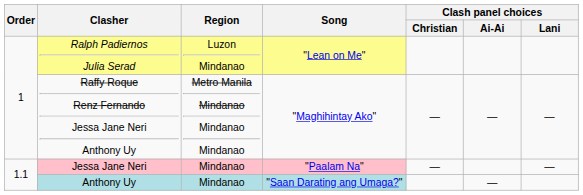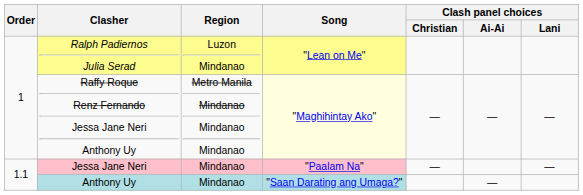 <table class="wikitable" style="text-align:center; line-height:17px; width:100%;">
 <tr>
 <th rowspan="2" width="5%">Order</th>
 <th rowspan="2" width="25%">Clasher</th>
 <th rowspan="2">Region</th>
 <th rowspan="2" width="25%">Song</th>
 <th colspan="3" width="30%">Clash panel choices</th>
 </tr>
 <tr>
 <th width="10%">Christian</th>
 <th width="10%">Ai-Ai</th>
 <th width="10%">Lani</th>
 </tr>
 <tr>
 <td rowspan="2">1</td>
 <td style="background:#fdfc8f;"><em>Ralph Padiernos</em><hr><em>Julia Serad</em></td>
 <td style="background:#fdfc8f;">Luzon<hr>Mindanao</td>
 <td style="background:#fdfc8f;">"<a href='#'>Lean on Me</a>"</td>
 <td><strong></strong></td>
 <td><strong></strong></td>
 <td><strong></strong></td>
 </tr>
 <tr>
 <td><s>Raffy Roque</s><hr><s>Renz Fernando</s><hr>Jessa Jane Neri<hr>Anthony Uy</td>
 <td><s>Metro Manila</s><hr><s>Mindanao</s><hr>Mindanao<hr>Mindanao</td>
-<td>"<a href='#'>Maghihintay Ako</a>"</td>
+<td style="background: lightyellow;">"<a href='#'>Maghihintay Ako</a>"</td>
 <td>—</td>
 <td>—</td>
 <td>—</td>
 </tr>
 <tr>
 <td rowspan="2">1.1</td>
 <td style="background:pink;">Jessa Jane Neri</td>
 <td style="background:pink;">Mindanao</td>
 <td style="background:pink;">"<a href='#'>Paalam Na</a>"</td>
 <td>—</td>
 <td><strong></strong></td>
 <td>—</td>
 </tr>
 <tr>
 <td style="background:#b0e0e6;">Anthony Uy</td>
 <td style="background:#b0e0e6;">Mindanao</td>
 <td style="background:#b0e0e6;">"<a href='#'>Saan Darating ang Umaga?</a>"</td>
 <td><strong></strong></td>
 <td>—</td>
 <td><strong></strong></td>
 </tr>
 </table>
